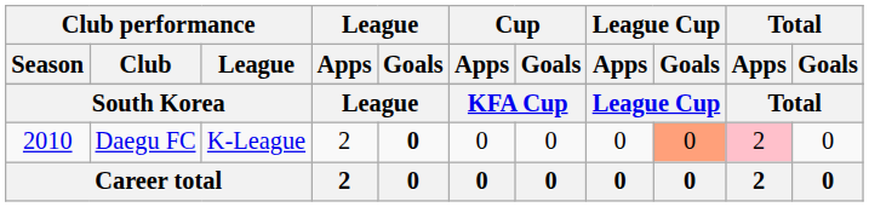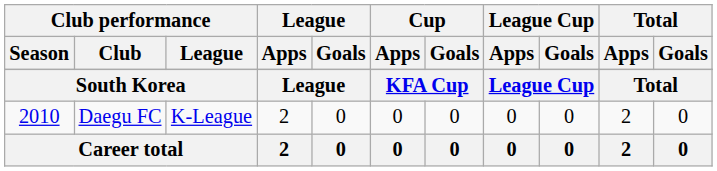 <table class="wikitable" style="text-align:center">
 <tr>
 <th colspan=3>Club performance</th>
 <th colspan=2>League</th>
 <th colspan=2>Cup</th>
 <th colspan=2>League Cup</th>
 <th colspan=2>Total</th>
 </tr>
 <tr>
 <th>Season</th>
 <th>Club</th>
 <th>League</th>
 <th>Apps</th>
 <th>Goals</th>
 <th>Apps</th>
 <th>Goals</th>
 <th>Apps</th>
 <th>Goals</th>
 <th>Apps</th>
 <th>Goals</th>
 </tr>
 <tr>
 </tr>
 <tr>
 <th colspan=3>South Korea</th>
 <th colspan=2>League</th>
 <th colspan=2><a href='#'>KFA Cup</a></th>
 <th colspan=2><a href='#'>League Cup</a></th>
 <th colspan=2>Total</th>
 </tr>
 <tr>
 <td><a href='#'>2010</a></td>
 <td rowspan="1"><a href='#'>Daegu FC</a></td>
 <td rowspan="1"><a href='#'>K-League</a></td>
 <td>2</td>
-<td><strong>0</strong></td>
 <td>0</td>
 <td>0</td>
 <td>0</td>
-<td style="background: lightsalmon;">0</td>
-<td style="background: pink;">2</td>
+<td>0</td>
+<td>0</td>
+<td>2</td>
 <td>0</td>
 </tr>
 <tr>
 <th colspan=3>Career total</th>
 <th>2</th>
 <th>0</th>
 <th>0</th>
 <th>0</th>
 <th>0</th>
 <th>0</th>
 <th>2</th>
 <th>0</th>
 </tr>
 </table>
